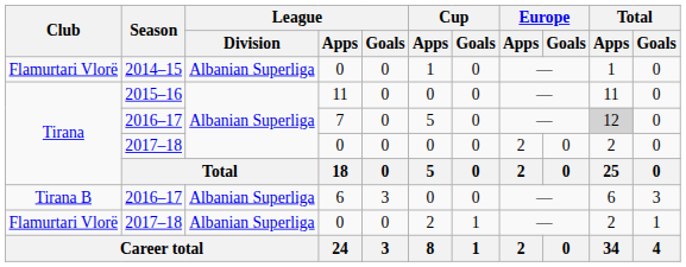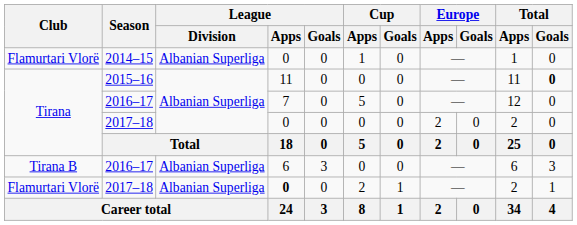 <table class="wikitable" style="text-align: center;">
 <tr>
 <th rowspan="2">Club</th>
 <th rowspan="2">Season</th>
 <th colspan="3">League</th>
 <th colspan="2">Cup</th>
 <th colspan="2"><a href='#'>Europe</a></th>
 <th colspan="2">Total</th>
 </tr>
 <tr>
 <th>Division</th>
 <th>Apps</th>
 <th>Goals</th>
 <th>Apps</th>
 <th>Goals</th>
 <th>Apps</th>
 <th>Goals</th>
 <th>Apps</th>
 <th>Goals</th>
 </tr>
 <tr>
 <td rowspan="1"><a href='#'>Flamurtari Vlorë</a></td>
 <td><a href='#'>2014–15</a></td>
 <td rowspan="1"><a href='#'>Albanian Superliga</a></td>
 <td>0</td>
 <td>0</td>
 <td>1</td>
 <td>0</td>
 <td colspan="2">—</td>
 <td>1</td>
 <td>0</td>
 </tr>
 <tr>
 <td rowspan="4"><a href='#'>Tirana</a></td>
 <td><a href='#'>2015–16</a></td>
 <td rowspan="3"><a href='#'>Albanian Superliga</a></td>
 <td>11</td>
 <td>0</td>
 <td>0</td>
 <td>0</td>
 <td colspan="2">—</td>
 <td>11</td>
-<td>0</td>
+<td><strong>0</strong></td>
 </tr>
 <tr>
 <td><a href='#'>2016–17</a></td>
 <td>7</td>
 <td>0</td>
 <td>5</td>
 <td>0</td>
 <td colspan="2">—</td>
-<td style="background: lightgrey;">12</td>
+<td>12</td>
 <td>0</td>
 </tr>
 <tr>
 <td><a href='#'>2017–18</a></td>
 <td>0</td>
 <td>0</td>
 <td>0</td>
 <td>0</td>
 <td>2</td>
 <td>0</td>
 <td>2</td>
 <td>0</td>
 </tr>
 <tr>
 <th colspan="2">Total</th>
 <th>18</th>
 <th>0</th>
 <th>5</th>
 <th>0</th>
 <th>2</th>
 <th>0</th>
 <th>25</th>
 <th>0</th>
 </tr>
 <tr>
 <td rowspan="1"><a href='#'>Tirana B</a></td>
 <td><a href='#'>2016–17</a></td>
 <td rowspan="1"><a href='#'>Albanian Superliga</a></td>
 <td>6</td>
 <td>3</td>
 <td>0</td>
 <td>0</td>
 <td colspan="2">—</td>
 <td>6</td>
 <td>3</td>
 </tr>
 <tr>
 <td rowspan="1"><a href='#'>Flamurtari Vlorë</a></td>
 <td><a href='#'>2017–18</a></td>
 <td rowspan="1"><a href='#'>Albanian Superliga</a></td>
-<td>0</td>
+<td><strong>0</strong></td>
 <td>0</td>
 <td>2</td>
 <td>1</td>
 <td colspan="2">—</td>
 <td>2</td>
 <td>1</td>
 </tr>
 <tr>
 <th colspan="3">Career total</th>
 <th>24</th>
 <th>3</th>
 <th>8</th>
 <th>1</th>
 <th>2</th>
 <th>0</th>
 <th>34</th>
 <th>4</th>
 </tr>
 </table>
